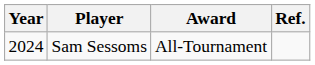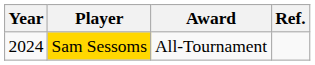 <table class="wikitable">
 <tr>
 <th>Year</th>
 <th>Player</th>
 <th>Award</th>
 <th>Ref.</th>
 </tr>
 <tr>
 <td>2024</td>
-<td>Sam Sessoms</td>
+<td style="background: gold;">Sam Sessoms</td>
 <td>All-Tournament</td>
 <td></td>
 </tr>
 </table>
